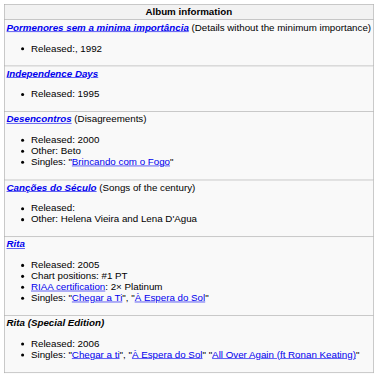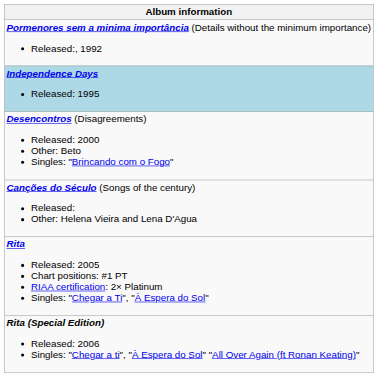 <table class="wikitable">
 <tr>
 <th align="left">Album information</th>
 </tr>
 <tr>
 <td align="left"><strong><em><a href='#'>Pormenores sem a minima importância</a></em></strong>	(Details without the minimum importance)<br><ul><li>Released:, 1992</li></ul></td>
 </tr>
 <tr>
-<td align="left"><strong><em><a href='#'>Independence Days</a></em></strong><br><ul><li>Released: 1995</li></ul></td>
+<td align="left" style="background: lightblue;"><strong><em><a href='#'>Independence Days</a></em></strong><br><ul><li>Released: 1995</li></ul></td>
 </tr>
 <tr>
 <td align="left"><strong><em><a href='#'>Desencontros</a></em></strong> (Disagreements)<br><ul><li>Released: 2000</li><li>Other: Beto</li><li>Singles: "<a href='#'>Brincando com o Fogo</a>"</li></ul></td>
 </tr>
 <tr>
 <td align="left"><strong><em><a href='#'>Canções do Século</a></em></strong> (Songs of the century)<br><ul><li>Released:</li><li>Other: Helena Vieira and Lena D'Agua</li></ul></td>
 </tr>
 <tr>
 <td align="left"><strong><em><a href='#'>Rita</a></em></strong><br><ul><li>Released: 2005</li><li>Chart positions: #1 PT</li><li><a href='#'>RIAA certification</a>: 2× Platinum</li><li>Singles: "<a href='#'>Chegar a Ti</a>", "<a href='#'>À Espera do Sol</a>"</li></ul></td>
 </tr>
 <tr>
 <td align="left"><strong><em>Rita (Special Edition)</em></strong><br><ul><li>Released: 2006</li><li>Singles: "<a href='#'>Chegar a ti</a>", "<a href='#'>À Espera do Sol</a>" "<a href='#'>All Over Again (ft Ronan Keating)</a>"</li></ul></td>
 </tr>
 </table>
